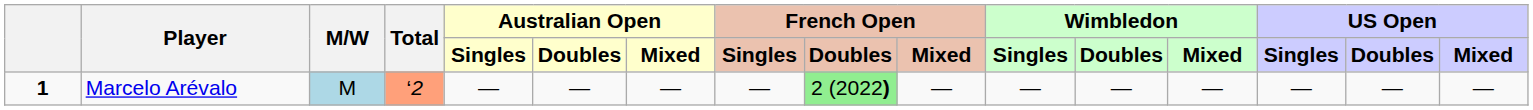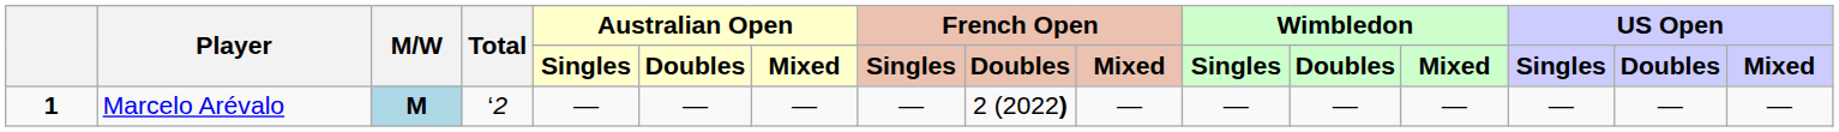 <table class="wikitable mw-datatable sortable" style="text-align:center;">
 <tr>
 <th data-sort-type="number" width="5%" rowspan="2"></th>
 <th width="15%" rowspan="2">Player</th>
 <th width="5%"  rowspan="2">M/W</th>
 <th rowspan="2">Total</th>
 <th colspan="3" style="background:#ffc;">Australian Open</th>
 <th colspan="3" style="background:#ebc2af;">French Open</th>
 <th colspan="3" style="background:#cfc;">Wimbledon</th>
 <th colspan="3" style="background:#ccf;">US Open</th>
 </tr>
 <tr>
 <th style="background:#ffc; width:60px;">Singles</th>
 <th style="background:#ffc; width:60px;">Doubles</th>
 <th style="background:#ffc; width:60px;">Mixed</th>
 <th style="background:#ebc2af; width:60px;">Singles</th>
 <th style="background:#ebc2af; width:60px;">Doubles</th>
 <th style="background:#ebc2af; width:60px;">Mixed</th>
 <th style="background:#cfc; width:60px;">Singles</th>
 <th style="background:#cfc; width:60px;">Doubles</th>
 <th style="background:#cfc; width:60px;">Mixed</th>
 <th style="background:#ccf; width:60px;">Singles</th>
 <th style="background:#ccf; width:60px;">Doubles</th>
 <th style="background:#ccf; width:60px;">Mixed</th>
 </tr>
 <tr>
 <td><strong>1</strong></td>
 <td style="text-align:left"><a href='#'>Marcelo Arévalo</a></td>
-<td style="background:lightblue;">M</td>
-<td style="background: lightsalmon;">‘<em>2<strong></td>
+<td style="background:lightblue;"><strong>M</strong></td>
+<td>‘<em>2<strong></td>
 <td>—</td>
 <td>—</td>
 <td>—</td>
 <td>—</td>
-<td style="background: lightgreen;">2 (</strong>2022<strong>)</td>
+<td>2 (</strong>2022<strong>)</td>
 <td>—</td>
 <td>—</td>
 <td>—</td>
 <td>—</td>
 <td>—</td>
 <td>—</td>
 <td>—</td>
 </tr>
 </table>
